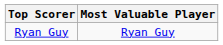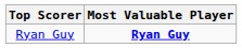 <table class="wikitable" style="margin: 0 auto;">
 <tr>
 <th>Top Scorer</th>
 <th>Most Valuable Player</th>
 </tr>
 <tr>
 <td align=center> <a href='#'>Ryan Guy</a></td>
-<td align=center> <a href='#'>Ryan Guy</a></td>
+<td align=center><strong> <a href='#'>Ryan Guy</a></strong></td>
 </tr>
 </table>
